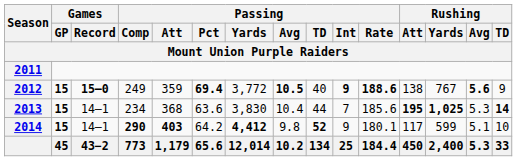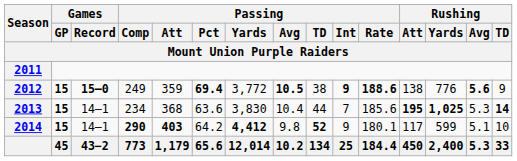 <table class="wikitable" style="text-align:center;">
 <tr>
 <th rowspan="2">Season</th>
 <th colspan="2">Games</th>
 <th colspan="8">Passing</th>
 <th colspan="4">Rushing</th>
 </tr>
 <tr>
 <th>GP</th>
 <th>Record</th>
 <th>Comp</th>
 <th>Att</th>
 <th>Pct</th>
 <th>Yards</th>
 <th>Avg</th>
 <th>TD</th>
 <th>Int</th>
 <th>Rate</th>
 <th>Att</th>
 <th>Yards</th>
 <th>Avg</th>
 <th>TD</th>
 </tr>
 <tr>
 <th colspan="16">Mount Union Purple Raiders</th>
 </tr>
 <tr>
 <th><a href='#'>2011</a></th>
 <td colspan="15"></td>
 </tr>
 <tr>
 <th><a href='#'>2012</a></th>
 <td><strong>15</strong></td>
 <td><strong>15–0</strong></td>
 <td>249</td>
 <td>359</td>
 <td><strong>69.4</strong></td>
 <td>3,772</td>
 <td><strong>10.5</strong></td>
-<td>40</td>
+<td>38</td>
 <td><strong>9</strong></td>
 <td><strong>188.6</strong></td>
 <td>138</td>
-<td>767</td>
+<td>776</td>
 <td><strong>5.6</strong></td>
 <td>9</td>
 </tr>
 <tr>
 <th><a href='#'>2013</a></th>
 <td><strong>15</strong></td>
 <td>14–1</td>
 <td>234</td>
 <td>368</td>
 <td>63.6</td>
 <td>3,830</td>
 <td>10.4</td>
 <td>44</td>
 <td>7</td>
 <td>185.6</td>
 <td><strong>195</strong></td>
 <td><strong>1,025</strong></td>
 <td>5.3</td>
 <td><strong>14</strong></td>
 </tr>
 <tr>
 <th><a href='#'>2014</a></th>
 <td><strong>15</strong></td>
 <td>14–1</td>
 <td><strong>290</strong></td>
 <td><strong>403</strong></td>
 <td>64.2</td>
 <td><strong>4,412</strong></td>
 <td>9.8</td>
 <td><strong>52</strong></td>
 <td>9</td>
 <td>180.1</td>
 <td>117</td>
 <td>599</td>
 <td>5.1</td>
 <td>10</td>
 </tr>
 <tr>
 <th></th>
 <th>45</th>
 <th>43−2</th>
 <th>773</th>
 <th>1,179</th>
 <th>65.6</th>
 <th>12,014</th>
 <th>10.2</th>
 <th>134</th>
 <th>25</th>
 <th>184.4</th>
 <th>450</th>
 <th>2,400</th>
 <th>5.3</th>
 <th>33</th>
 </tr>
 </table>
